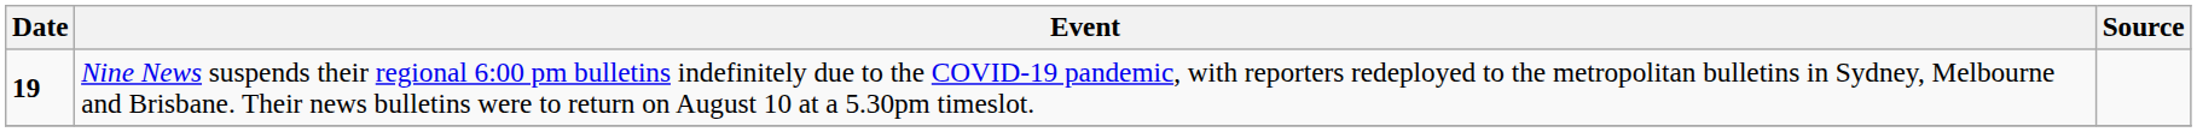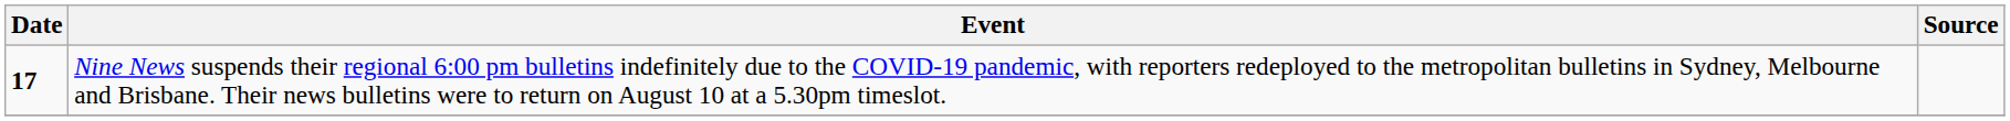 <table class="wikitable">
 <tr>
 <th>Date</th>
 <th>Event</th>
 <th>Source</th>
 </tr>
 <tr>
-<td><strong>19</strong></td>
+<td><strong>17</strong></td>
 <td><em><a href='#'>Nine News</a></em> suspends their <a href='#'>regional 6:00 pm bulletins</a> indefinitely due to the <a href='#'>COVID-19 pandemic</a>, with reporters redeployed to the metropolitan bulletins in Sydney, Melbourne and Brisbane. Their news bulletins were to return on August 10 at a 5.30pm timeslot.</td>
 <td></td>
 </tr>
 <tr>
 </tr>
 </table>
